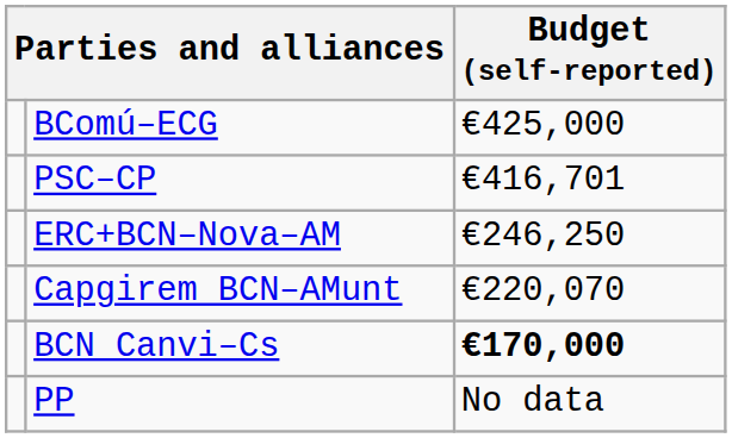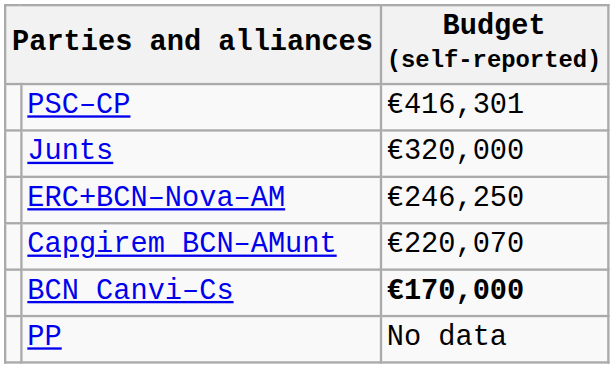 <table class="wikitable" style="font-size:95%;">
 <tr>
 <th style="text-align:left;" colspan="2">Parties and alliances</th>
 <th>Budget<br><small>(self-reported)</small></th>
 </tr>
 <tr>
-<td width="1" style="color:inherit;background:"></td>
-<td><a href='#'>BComú–ECG</a></td>
-<td>€425,000</td>
+<td style="color:inherit;background:"></td>
+<td><a href='#'>PSC–CP</a></td>
+<td>€416,301</td>
 </tr>
 <tr>
 <td style="color:inherit;background:"></td>
-<td><a href='#'>PSC–CP</a></td>
-<td>€416,701</td>
+<td><a href='#'>Junts</a></td>
+<td>€320,000</td>
 </tr>
 <tr>
 <td style="color:inherit;background:"></td>
 <td><a href='#'>ERC+BCN–Nova–AM</a></td>
 <td>€246,250</td>
 </tr>
 <tr>
 <td style="color:inherit;background:"></td>
 <td><a href='#'>Capgirem BCN–AMunt</a></td>
 <td>€220,070</td>
 </tr>
 <tr>
 <td style="color:inherit;background:"></td>
 <td><a href='#'>BCN Canvi–Cs</a></td>
 <td><strong>€170,000</strong></td>
 </tr>
 <tr>
 <td style="color:inherit;background:"></td>
 <td><a href='#'>PP</a></td>
 <td>No data</td>
 </tr>
 </table>
